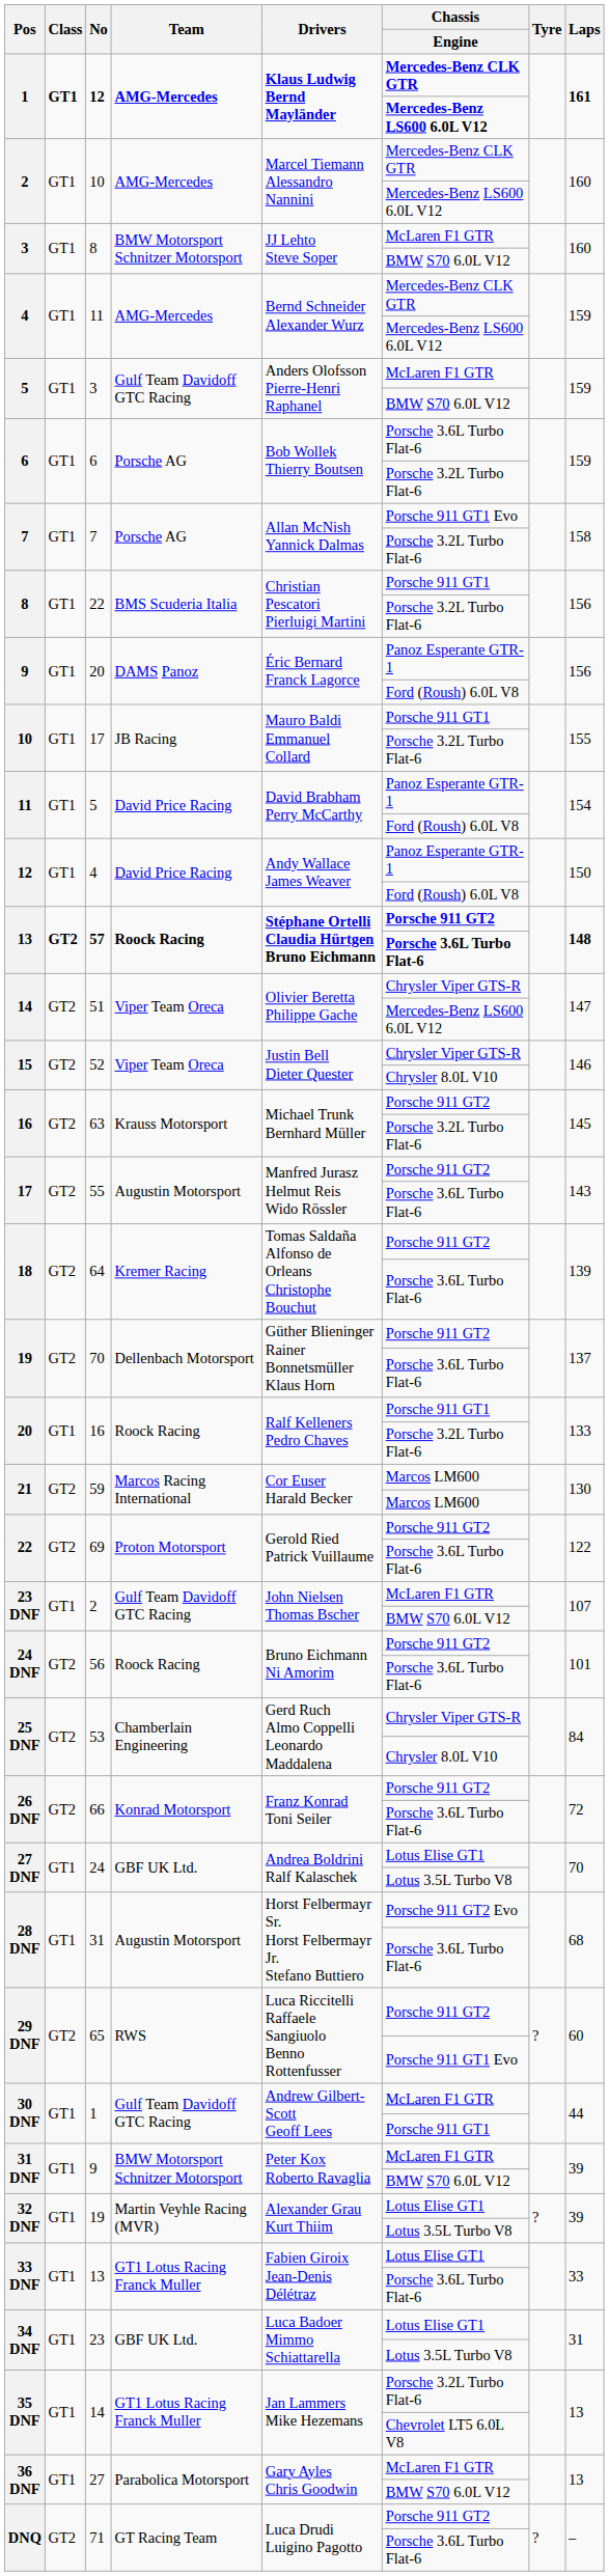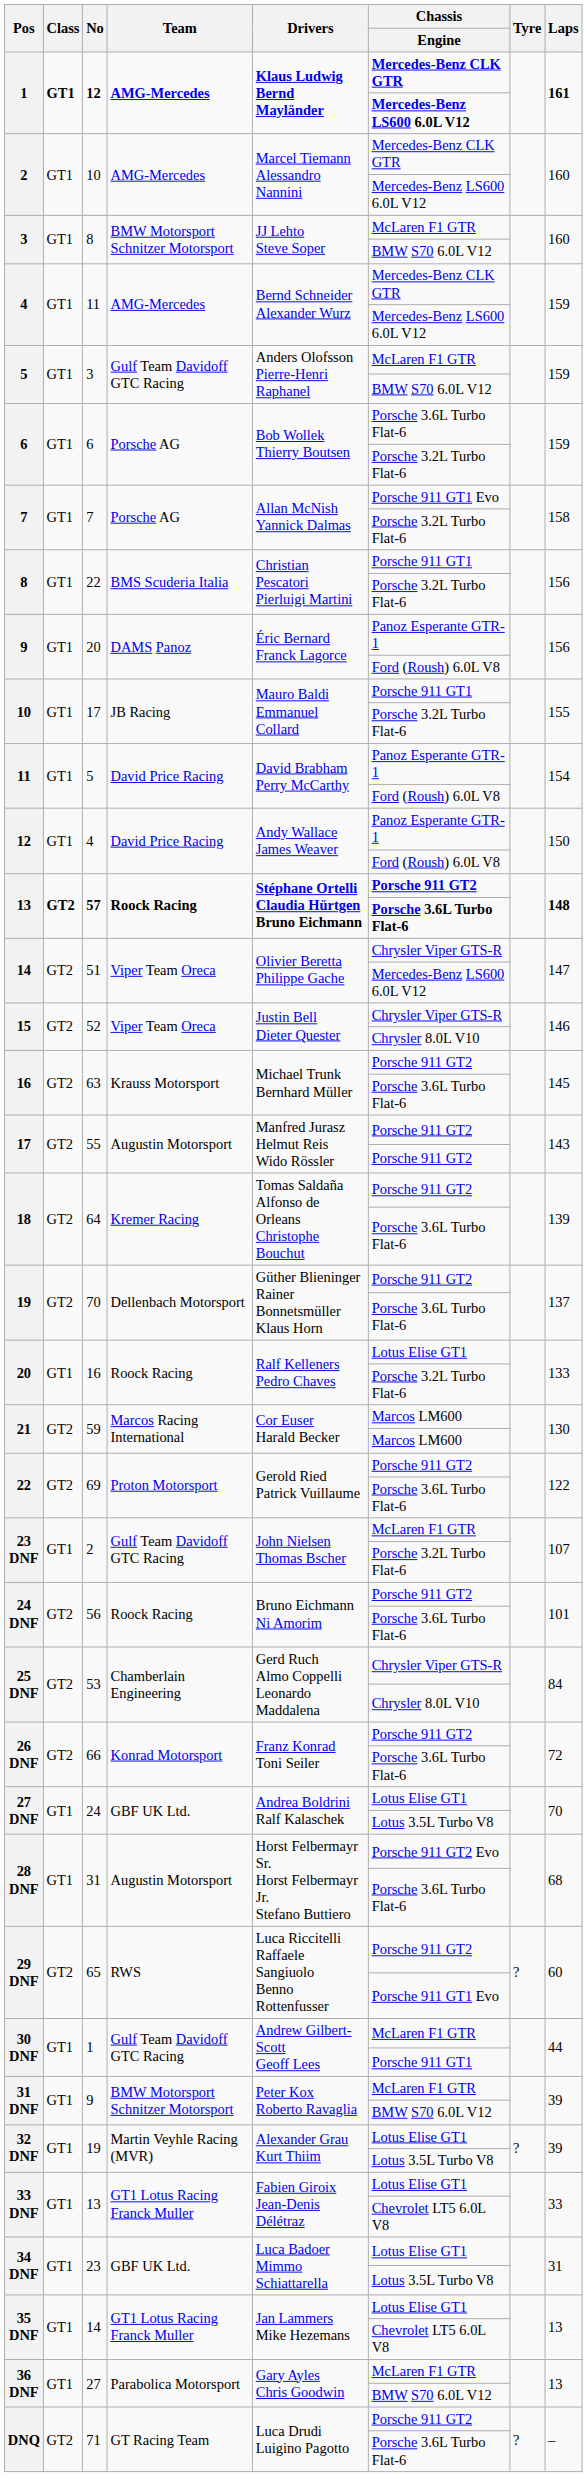 <table class="wikitable" style="font-size: 95%;">
 <tr>
 <th rowspan=2>Pos</th>
 <th rowspan=2>Class</th>
 <th rowspan=2>No</th>
 <th rowspan=2>Team</th>
 <th rowspan=2>Drivers</th>
 <th>Chassis</th>
 <th rowspan=2>Tyre</th>
 <th rowspan=2>Laps</th>
 </tr>
 <tr>
 <th>Engine</th>
 </tr>
 <tr style="font-weight:bold">
 <th rowspan=2>1</th>
 <td rowspan=2>GT1</td>
 <td rowspan=2>12</td>
 <td rowspan=2> <a href='#'>AMG-Mercedes</a></td>
 <td rowspan=2> <a href='#'>Klaus Ludwig</a><br> <a href='#'>Bernd Mayländer</a></td>
 <td><a href='#'>Mercedes-Benz CLK GTR</a></td>
 <td rowspan=2></td>
 <td rowspan=2>161</td>
 </tr>
 <tr style="font-weight:bold">
 <td><a href='#'>Mercedes-Benz</a> <a href='#'>LS600</a> 6.0L V12</td>
 </tr>
 <tr>
 <th rowspan=2>2</th>
 <td rowspan=2>GT1</td>
 <td rowspan=2>10</td>
 <td rowspan=2> <a href='#'>AMG-Mercedes</a></td>
 <td rowspan=2> <a href='#'>Marcel Tiemann</a><br> <a href='#'>Alessandro Nannini</a></td>
 <td><a href='#'>Mercedes-Benz CLK GTR</a></td>
 <td rowspan=2></td>
 <td rowspan=2>160</td>
 </tr>
 <tr>
 <td><a href='#'>Mercedes-Benz</a> <a href='#'>LS600</a> 6.0L V12</td>
 </tr>
 <tr>
 <th rowspan=2>3</th>
 <td rowspan=2>GT1</td>
 <td rowspan=2>8</td>
 <td rowspan=2> <a href='#'>BMW Motorsport</a><br> <a href='#'>Schnitzer Motorsport</a></td>
 <td rowspan=2> <a href='#'>JJ Lehto</a><br> <a href='#'>Steve Soper</a></td>
 <td><a href='#'>McLaren F1 GTR</a></td>
 <td rowspan=2></td>
 <td rowspan=2>160</td>
 </tr>
 <tr>
 <td><a href='#'>BMW</a> <a href='#'>S70</a> 6.0L V12</td>
 </tr>
 <tr>
 <th rowspan=2>4</th>
 <td rowspan=2>GT1</td>
 <td rowspan=2>11</td>
 <td rowspan=2> <a href='#'>AMG-Mercedes</a></td>
 <td rowspan=2> <a href='#'>Bernd Schneider</a><br> <a href='#'>Alexander Wurz</a></td>
 <td><a href='#'>Mercedes-Benz CLK GTR</a></td>
 <td rowspan=2></td>
 <td rowspan=2>159</td>
 </tr>
 <tr>
 <td><a href='#'>Mercedes-Benz</a> <a href='#'>LS600</a> 6.0L V12</td>
 </tr>
 <tr>
 <th rowspan=2>5</th>
 <td rowspan=2>GT1</td>
 <td rowspan=2>3</td>
 <td rowspan=2> <a href='#'>Gulf</a> Team <a href='#'>Davidoff</a><br> GTC Racing</td>
 <td rowspan=2> Anders Olofsson<br> <a href='#'>Pierre-Henri Raphanel</a></td>
 <td><a href='#'>McLaren F1 GTR</a></td>
 <td rowspan=2></td>
 <td rowspan=2>159</td>
 </tr>
 <tr>
 <td><a href='#'>BMW</a> <a href='#'>S70</a> 6.0L V12</td>
 </tr>
 <tr>
 <th rowspan=2>6</th>
 <td rowspan=2>GT1</td>
 <td rowspan=2>6</td>
 <td rowspan=2> <a href='#'>Porsche</a> AG</td>
 <td rowspan=2> <a href='#'>Bob Wollek</a><br> <a href='#'>Thierry Boutsen</a></td>
 <td><a href='#'>Porsche</a> 3.6L Turbo Flat-6</td>
 <td rowspan=2></td>
 <td rowspan=2>159</td>
 </tr>
 <tr>
 <td><a href='#'>Porsche</a> 3.2L Turbo Flat-6</td>
 </tr>
 <tr>
 <th rowspan=2>7</th>
 <td rowspan=2>GT1</td>
 <td rowspan=2>7</td>
 <td rowspan=2> <a href='#'>Porsche</a> AG</td>
 <td rowspan=2> <a href='#'>Allan McNish</a><br> <a href='#'>Yannick Dalmas</a></td>
 <td><a href='#'>Porsche 911 GT1</a> Evo</td>
 <td rowspan=2></td>
 <td rowspan=2>158</td>
 </tr>
 <tr>
 <td><a href='#'>Porsche</a> 3.2L Turbo Flat-6</td>
 </tr>
 <tr>
 <th rowspan=2>8</th>
 <td rowspan=2>GT1</td>
 <td rowspan=2>22</td>
 <td rowspan=2> <a href='#'>BMS Scuderia Italia</a></td>
 <td rowspan=2> <a href='#'>Christian Pescatori</a><br> <a href='#'>Pierluigi Martini</a></td>
 <td><a href='#'>Porsche 911 GT1</a></td>
 <td rowspan=2></td>
 <td rowspan=2>156</td>
 </tr>
 <tr>
 <td><a href='#'>Porsche</a> 3.2L Turbo Flat-6</td>
 </tr>
 <tr>
 <th rowspan=2>9</th>
 <td rowspan=2>GT1</td>
 <td rowspan=2>20</td>
 <td rowspan=2> <a href='#'>DAMS</a> <a href='#'>Panoz</a></td>
 <td rowspan=2> <a href='#'>Éric Bernard</a><br> <a href='#'>Franck Lagorce</a></td>
 <td><a href='#'>Panoz Esperante GTR-1</a></td>
 <td rowspan=2></td>
 <td rowspan=2>156</td>
 </tr>
 <tr>
 <td><a href='#'>Ford</a> (<a href='#'>Roush</a>) 6.0L V8</td>
 </tr>
 <tr>
 <th rowspan=2>10</th>
 <td rowspan=2>GT1</td>
 <td rowspan=2>17</td>
 <td rowspan=2> JB Racing</td>
 <td rowspan=2> <a href='#'>Mauro Baldi</a><br> <a href='#'>Emmanuel Collard</a></td>
 <td><a href='#'>Porsche 911 GT1</a></td>
 <td rowspan=2></td>
 <td rowspan=2>155</td>
 </tr>
 <tr>
 <td><a href='#'>Porsche</a> 3.2L Turbo Flat-6</td>
 </tr>
 <tr>
 <th rowspan=2>11</th>
 <td rowspan=2>GT1</td>
 <td rowspan=2>5</td>
 <td rowspan=2> <a href='#'>David Price Racing</a></td>
 <td rowspan=2> <a href='#'>David Brabham</a><br> <a href='#'>Perry McCarthy</a></td>
 <td><a href='#'>Panoz Esperante GTR-1</a></td>
 <td rowspan=2></td>
 <td rowspan=2>154</td>
 </tr>
 <tr>
 <td><a href='#'>Ford</a> (<a href='#'>Roush</a>) 6.0L V8</td>
 </tr>
 <tr>
 <th rowspan=2>12</th>
 <td rowspan=2>GT1</td>
 <td rowspan=2>4</td>
 <td rowspan=2> <a href='#'>David Price Racing</a></td>
 <td rowspan=2> <a href='#'>Andy Wallace</a><br> <a href='#'>James Weaver</a></td>
 <td><a href='#'>Panoz Esperante GTR-1</a></td>
 <td rowspan=2></td>
 <td rowspan=2>150</td>
 </tr>
 <tr>
 <td><a href='#'>Ford</a> (<a href='#'>Roush</a>) 6.0L V8</td>
 </tr>
 <tr style="font-weight:bold">
 <th rowspan=2>13</th>
 <td rowspan=2>GT2</td>
 <td rowspan=2>57</td>
 <td rowspan=2> Roock Racing</td>
 <td rowspan=2> <a href='#'>Stéphane Ortelli</a><br> <a href='#'>Claudia Hürtgen</a><br> Bruno Eichmann</td>
 <td><a href='#'>Porsche 911 GT2</a></td>
 <td rowspan=2></td>
 <td rowspan=2>148</td>
 </tr>
 <tr style="font-weight:bold">
 <td><a href='#'>Porsche</a> 3.6L Turbo Flat-6</td>
 </tr>
 <tr>
 <th rowspan=2>14</th>
 <td rowspan=2>GT2</td>
 <td rowspan=2>51</td>
 <td rowspan=2> <a href='#'>Viper</a> Team <a href='#'>Oreca</a></td>
 <td rowspan=2> <a href='#'>Olivier Beretta</a><br> <a href='#'>Philippe Gache</a></td>
 <td><a href='#'>Chrysler Viper GTS-R</a></td>
 <td rowspan=2></td>
 <td rowspan=2>147</td>
 </tr>
 <tr>
 <td><a href='#'>Mercedes-Benz</a> <a href='#'>LS600</a> 6.0L V12</td>
 </tr>
 <tr>
 <th rowspan=2>15</th>
 <td rowspan=2>GT2</td>
 <td rowspan=2>52</td>
 <td rowspan=2> <a href='#'>Viper</a> Team <a href='#'>Oreca</a></td>
 <td rowspan=2> <a href='#'>Justin Bell</a><br> <a href='#'>Dieter Quester</a></td>
 <td><a href='#'>Chrysler Viper GTS-R</a></td>
 <td rowspan=2></td>
 <td rowspan=2>146</td>
 </tr>
 <tr>
 <td><a href='#'>Chrysler</a> 8.0L V10</td>
 </tr>
 <tr>
 <th rowspan=2>16</th>
 <td rowspan=2>GT2</td>
 <td rowspan=2>63</td>
 <td rowspan=2> Krauss Motorsport</td>
 <td rowspan=2> Michael Trunk<br> Bernhard Müller</td>
 <td><a href='#'>Porsche 911 GT2</a></td>
 <td rowspan=2></td>
 <td rowspan=2>145</td>
 </tr>
 <tr>
-<td><a href='#'>Porsche</a> 3.2L Turbo Flat-6</td>
+<td><a href='#'>Porsche</a> 3.6L Turbo Flat-6</td>
 </tr>
 <tr>
 <th rowspan=2>17</th>
 <td rowspan=2>GT2</td>
 <td rowspan=2>55</td>
 <td rowspan=2> Augustin Motorsport</td>
 <td rowspan=2> Manfred Jurasz<br> Helmut Reis<br> Wido Rössler</td>
 <td><a href='#'>Porsche 911 GT2</a></td>
 <td rowspan=2></td>
 <td rowspan=2>143</td>
 </tr>
 <tr>
-<td><a href='#'>Porsche</a> 3.6L Turbo Flat-6</td>
+<td><a href='#'>Porsche 911 GT2</a></td>
 </tr>
 <tr>
 <th rowspan=2>18</th>
 <td rowspan=2>GT2</td>
 <td rowspan=2>64</td>
 <td rowspan=2> <a href='#'>Kremer Racing</a></td>
 <td rowspan=2> Tomas Saldaña<br> Alfonso de Orleans<br> <a href='#'>Christophe Bouchut</a></td>
 <td><a href='#'>Porsche 911 GT2</a></td>
 <td rowspan=2></td>
 <td rowspan=2>139</td>
 </tr>
 <tr>
 <td><a href='#'>Porsche</a> 3.6L Turbo Flat-6</td>
 </tr>
 <tr>
 <th rowspan=2>19</th>
 <td rowspan=2>GT2</td>
 <td rowspan=2>70</td>
 <td rowspan=2> Dellenbach Motorsport</td>
 <td rowspan=2> Güther Blieninger<br> Rainer Bonnetsmüller<br> Klaus Horn</td>
 <td><a href='#'>Porsche 911 GT2</a></td>
 <td rowspan=2></td>
 <td rowspan=2>137</td>
 </tr>
 <tr>
 <td><a href='#'>Porsche</a> 3.6L Turbo Flat-6</td>
 </tr>
 <tr>
 <th rowspan=2>20</th>
 <td rowspan=2>GT1</td>
 <td rowspan=2>16</td>
 <td rowspan=2> Roock Racing</td>
 <td rowspan=2> <a href='#'>Ralf Kelleners</a><br> <a href='#'>Pedro Chaves</a></td>
-<td><a href='#'>Porsche 911 GT1</a></td>
+<td><a href='#'>Lotus Elise GT1</a></td>
 <td rowspan=2></td>
 <td rowspan=2>133</td>
 </tr>
 <tr>
 <td><a href='#'>Porsche</a> 3.2L Turbo Flat-6</td>
 </tr>
 <tr>
 <th rowspan=2>21</th>
 <td rowspan=2>GT2</td>
 <td rowspan=2>59</td>
 <td rowspan=2> <a href='#'>Marcos</a> Racing International</td>
 <td rowspan=2> <a href='#'>Cor Euser</a><br> Harald Becker</td>
 <td><a href='#'>Marcos</a> LM600</td>
 <td rowspan=2></td>
 <td rowspan=2>130</td>
 </tr>
 <tr>
 <td><a href='#'>Marcos</a> LM600</td>
 </tr>
 <tr>
 <th rowspan=2>22</th>
 <td rowspan=2>GT2</td>
 <td rowspan=2>69</td>
 <td rowspan=2> <a href='#'>Proton Motorsport</a></td>
 <td rowspan=2> Gerold Ried<br> Patrick Vuillaume</td>
 <td><a href='#'>Porsche 911 GT2</a></td>
 <td rowspan=2></td>
 <td rowspan=2>122</td>
 </tr>
 <tr>
 <td><a href='#'>Porsche</a> 3.6L Turbo Flat-6</td>
 </tr>
 <tr>
 <th rowspan=2>23<br>DNF</th>
 <td rowspan=2>GT1</td>
 <td rowspan=2>2</td>
 <td rowspan=2> <a href='#'>Gulf</a> Team <a href='#'>Davidoff</a><br> GTC Racing</td>
 <td rowspan=2> <a href='#'>John Nielsen</a><br> <a href='#'>Thomas Bscher</a></td>
 <td><a href='#'>McLaren F1 GTR</a></td>
 <td rowspan=2></td>
 <td rowspan=2>107</td>
 </tr>
 <tr>
-<td><a href='#'>BMW</a> <a href='#'>S70</a> 6.0L V12</td>
+<td><a href='#'>Porsche</a> 3.2L Turbo Flat-6</td>
 </tr>
 <tr>
 <th rowspan=2>24<br>DNF</th>
 <td rowspan=2>GT2</td>
 <td rowspan=2>56</td>
 <td rowspan=2> Roock Racing</td>
 <td rowspan=2> Bruno Eichmann<br> <a href='#'>Ni Amorim</a></td>
 <td><a href='#'>Porsche 911 GT2</a></td>
 <td rowspan=2></td>
 <td rowspan=2>101</td>
 </tr>
 <tr>
 <td><a href='#'>Porsche</a> 3.6L Turbo Flat-6</td>
 </tr>
 <tr>
 <th rowspan=2>25<br>DNF</th>
 <td rowspan=2>GT2</td>
 <td rowspan=2>53</td>
 <td rowspan=2> Chamberlain Engineering</td>
 <td rowspan=2> Gerd Ruch<br> Almo Coppelli<br> Leonardo Maddalena</td>
 <td><a href='#'>Chrysler Viper GTS-R</a></td>
 <td rowspan=2></td>
 <td rowspan=2>84</td>
 </tr>
 <tr>
 <td><a href='#'>Chrysler</a> 8.0L V10</td>
 </tr>
 <tr>
 <th rowspan=2>26<br>DNF</th>
 <td rowspan=2>GT2</td>
 <td rowspan=2>66</td>
 <td rowspan=2> <a href='#'>Konrad Motorsport</a></td>
 <td rowspan=2> <a href='#'>Franz Konrad</a><br> Toni Seiler</td>
 <td><a href='#'>Porsche 911 GT2</a></td>
 <td rowspan=2></td>
 <td rowspan=2>72</td>
 </tr>
 <tr>
 <td><a href='#'>Porsche</a> 3.6L Turbo Flat-6</td>
 </tr>
 <tr>
 <th rowspan=2>27<br>DNF</th>
 <td rowspan=2>GT1</td>
 <td rowspan=2>24</td>
 <td rowspan=2> GBF UK Ltd.</td>
 <td rowspan=2> <a href='#'>Andrea Boldrini</a><br> Ralf Kalaschek</td>
 <td><a href='#'>Lotus Elise GT1</a></td>
 <td rowspan=2></td>
 <td rowspan=2>70</td>
 </tr>
 <tr>
 <td><a href='#'>Lotus</a> 3.5L Turbo V8</td>
 </tr>
 <tr>
 <th rowspan=2>28<br>DNF</th>
 <td rowspan=2>GT1</td>
 <td rowspan=2>31</td>
 <td rowspan=2> Augustin Motorsport</td>
 <td rowspan=2> Horst Felbermayr Sr.<br> Horst Felbermayr Jr.<br> Stefano Buttiero</td>
 <td><a href='#'>Porsche 911 GT2</a> Evo</td>
 <td rowspan=2></td>
 <td rowspan=2>68</td>
 </tr>
 <tr>
 <td><a href='#'>Porsche</a> 3.6L Turbo Flat-6</td>
 </tr>
 <tr>
 <th rowspan=2>29<br>DNF</th>
 <td rowspan=2>GT2</td>
 <td rowspan=2>65</td>
 <td rowspan=2> RWS</td>
 <td rowspan=2> Luca Riccitelli<br> Raffaele Sangiuolo<br> Benno Rottenfusser</td>
 <td><a href='#'>Porsche 911 GT2</a></td>
 <td rowspan=2>?</td>
 <td rowspan=2>60</td>
 </tr>
 <tr>
 <td><a href='#'>Porsche 911 GT1</a> Evo</td>
 </tr>
 <tr>
 <th rowspan=2>30<br>DNF</th>
 <td rowspan=2>GT1</td>
 <td rowspan=2>1</td>
 <td rowspan=2> <a href='#'>Gulf</a> Team <a href='#'>Davidoff</a><br> GTC Racing</td>
 <td rowspan=2> <a href='#'>Andrew Gilbert-Scott</a><br> <a href='#'>Geoff Lees</a></td>
 <td><a href='#'>McLaren F1 GTR</a></td>
 <td rowspan=2></td>
 <td rowspan=2>44</td>
 </tr>
 <tr>
 <td><a href='#'>Porsche 911 GT1</a></td>
 </tr>
 <tr>
 <th rowspan=2>31<br>DNF</th>
 <td rowspan=2>GT1</td>
 <td rowspan=2>9</td>
 <td rowspan=2> <a href='#'>BMW Motorsport</a><br> <a href='#'>Schnitzer Motorsport</a></td>
 <td rowspan=2> <a href='#'>Peter Kox</a><br> <a href='#'>Roberto Ravaglia</a></td>
 <td><a href='#'>McLaren F1 GTR</a></td>
 <td rowspan=2></td>
 <td rowspan=2>39</td>
 </tr>
 <tr>
 <td><a href='#'>BMW</a> <a href='#'>S70</a> 6.0L V12</td>
 </tr>
 <tr>
 <th rowspan=2>32<br>DNF</th>
 <td rowspan=2>GT1</td>
 <td rowspan=2>19</td>
 <td rowspan=2> Martin Veyhle Racing (MVR)</td>
 <td rowspan=2> <a href='#'>Alexander Grau</a><br> <a href='#'>Kurt Thiim</a></td>
 <td><a href='#'>Lotus Elise GT1</a></td>
 <td rowspan=2>?</td>
 <td rowspan=2>39</td>
 </tr>
 <tr>
 <td><a href='#'>Lotus</a> 3.5L Turbo V8</td>
 </tr>
 <tr>
 <th rowspan=2>33<br>DNF</th>
 <td rowspan=2>GT1</td>
 <td rowspan=2>13</td>
 <td rowspan=2> <a href='#'>GT1 Lotus Racing</a> <a href='#'>Franck Muller</a></td>
 <td rowspan=2> <a href='#'>Fabien Giroix</a><br> <a href='#'>Jean-Denis Délétraz</a></td>
 <td><a href='#'>Lotus Elise GT1</a></td>
 <td rowspan=2></td>
 <td rowspan=2>33</td>
 </tr>
 <tr>
-<td><a href='#'>Porsche</a> 3.6L Turbo Flat-6</td>
+<td><a href='#'>Chevrolet</a> LT5 6.0L V8</td>
 </tr>
 <tr>
 <th rowspan=2>34<br>DNF</th>
 <td rowspan=2>GT1</td>
 <td rowspan=2>23</td>
 <td rowspan=2> GBF UK Ltd.</td>
 <td rowspan=2> <a href='#'>Luca Badoer</a><br> <a href='#'>Mimmo Schiattarella</a></td>
 <td><a href='#'>Lotus Elise GT1</a></td>
 <td rowspan=2></td>
 <td rowspan=2>31</td>
 </tr>
 <tr>
 <td><a href='#'>Lotus</a> 3.5L Turbo V8</td>
 </tr>
 <tr>
 <th rowspan=2>35<br>DNF</th>
 <td rowspan=2>GT1</td>
 <td rowspan=2>14</td>
 <td rowspan=2> <a href='#'>GT1 Lotus Racing</a> <a href='#'>Franck Muller</a></td>
 <td rowspan=2> <a href='#'>Jan Lammers</a><br> Mike Hezemans</td>
-<td><a href='#'>Porsche</a> 3.2L Turbo Flat-6</td>
+<td><a href='#'>Lotus Elise GT1</a></td>
 <td rowspan=2></td>
 <td rowspan=2>13</td>
 </tr>
 <tr>
 <td><a href='#'>Chevrolet</a> LT5 6.0L V8</td>
 </tr>
 <tr>
 <th rowspan=2>36<br>DNF</th>
 <td rowspan=2>GT1</td>
 <td rowspan=2>27</td>
 <td rowspan=2> Parabolica Motorsport</td>
 <td rowspan=2> <a href='#'>Gary Ayles</a><br> <a href='#'>Chris Goodwin</a></td>
 <td><a href='#'>McLaren F1 GTR</a></td>
 <td rowspan=2></td>
 <td rowspan=2>13</td>
 </tr>
 <tr>
 <td><a href='#'>BMW</a> <a href='#'>S70</a> 6.0L V12</td>
 </tr>
 <tr>
 <th rowspan=2>DNQ</th>
 <td rowspan=2>GT2</td>
 <td rowspan=2>71</td>
 <td rowspan=2> GT Racing Team</td>
 <td rowspan=2> Luca Drudi<br> Luigino Pagotto</td>
 <td><a href='#'>Porsche 911 GT2</a></td>
 <td rowspan=2>?</td>
 <td rowspan=2>–</td>
 </tr>
 <tr>
 <td><a href='#'>Porsche</a> 3.6L Turbo Flat-6</td>
 </tr>
 </table>
